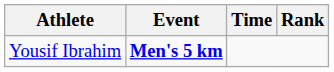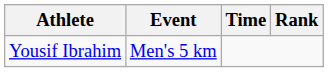 <table class="wikitable" style="font-size:90%">
 <tr>
 <th>Athlete</th>
 <th>Event</th>
 <th>Time</th>
 <th>Rank</th>
 </tr>
 <tr align="center">
 <td align="left"><a href='#'>Yousif Ibrahim</a></td>
-<td align="left"><strong><a href='#'>Men's 5 km</a></strong></td>
+<td align="left"><a href='#'>Men's 5 km</a></td>
 <td colspan=2></td>
 </tr>
 </table>
